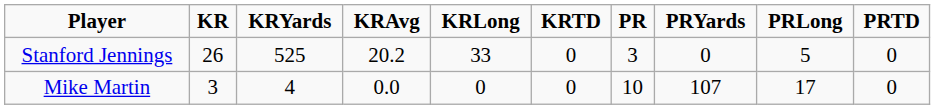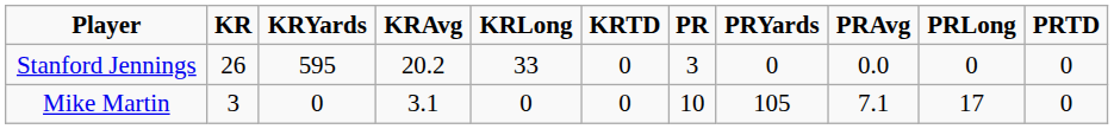 <table class="wikitable" width="80%">
 <tr align="center">
 <td><strong>Player</strong></td>
 <td><strong>KR</strong></td>
 <td><strong>KRYards</strong></td>
 <td><strong>KRAvg</strong></td>
 <td><strong>KRLong</strong></td>
 <td><strong>KRTD</strong></td>
 <td><strong>PR</strong></td>
 <td><strong>PRYards</strong></td>
+<td><strong>PRAvg</strong></td>
 <td><strong>PRLong</strong></td>
 <td><strong>PRTD</strong></td>
 </tr>
 <tr align="center" bgcolor="">
 <td><a href='#'>Stanford Jennings</a></td>
 <td>26</td>
-<td>525</td>
+<td>595</td>
 <td>20.2</td>
 <td>33</td>
 <td>0</td>
 <td>3</td>
 <td>0</td>
-<td>5</td>
+<td>0.0</td>
+<td>0</td>
 <td>0</td>
 </tr>
 <tr align="center" bgcolor="">
 <td><a href='#'>Mike Martin</a></td>
 <td>3</td>
-<td>4</td>
-<td>0.0</td>
+<td>0</td>
+<td>3.1</td>
 <td>0</td>
 <td>0</td>
 <td>10</td>
-<td>107</td>
+<td>105</td>
+<td>7.1</td>
 <td>17</td>
 <td>0</td>
 </tr>
 </table>
